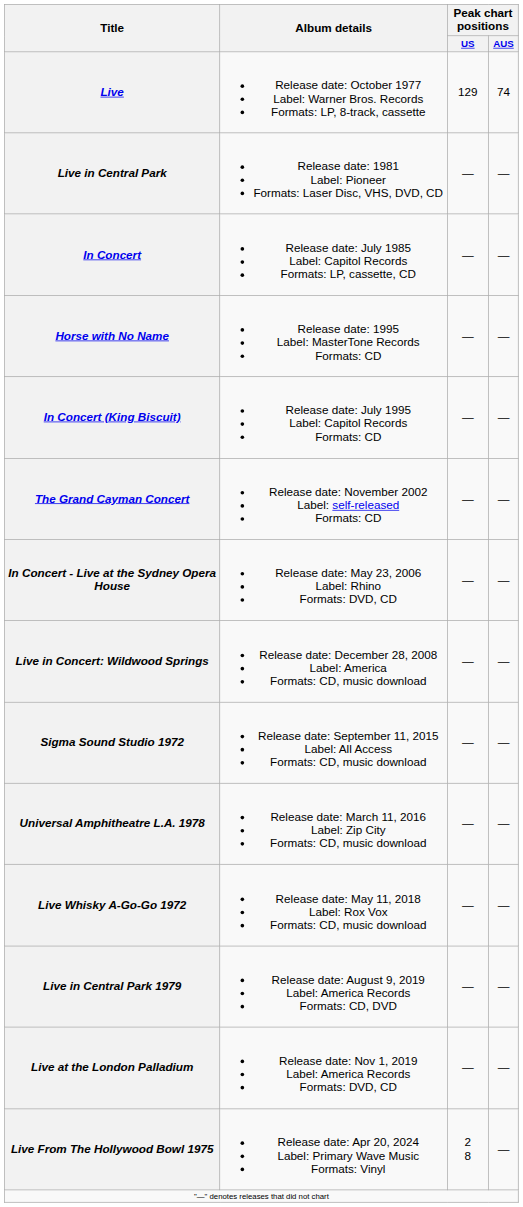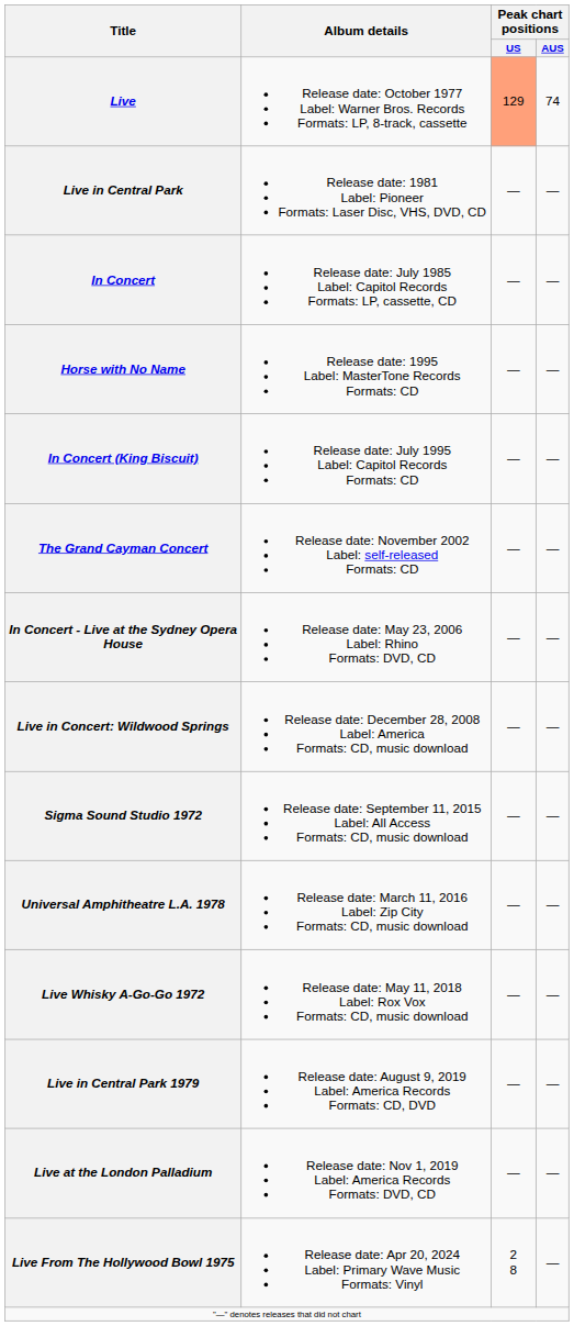 <table class="wikitable plainrowheaders" style="text-align:center;">
 <tr>
 <th rowspan="2" style="width:18em;">Title</th>
 <th rowspan="2" style="width:19em;">Album details</th>
 <th colspan="2">Peak chart positions</th>
 </tr>
 <tr style="font-size:smaller;">
 <th width="50"><a href='#'>US</a><br></th>
 <th width="35"><a href='#'>AUS</a><br></th>
 </tr>
 <tr>
 <th scope="row"><em><a href='#'>Live</a></em></th>
 <td><br><ul><li>Release date: October 1977</li><li>Label: Warner Bros. Records</li><li>Formats: LP, 8-track, cassette</li></ul></td>
-<td>129</td>
+<td style="background: lightsalmon;">129</td>
 <td>74</td>
 </tr>
 <tr>
 <th scope="row"><em>Live in Central Park</em></th>
 <td><br><ul><li>Release date: 1981</li><li>Label: Pioneer</li><li>Formats: Laser Disc, VHS, DVD, CD</li></ul></td>
 <td>—</td>
 <td>—</td>
 </tr>
 <tr>
 <th scope="row"><em><a href='#'>In Concert</a></em></th>
 <td><br><ul><li>Release date: July 1985</li><li>Label: Capitol Records</li><li>Formats: LP, cassette, CD</li></ul></td>
 <td>—</td>
 <td>—</td>
 </tr>
 <tr>
 <th scope="row"><em><a href='#'>Horse with No Name</a></em></th>
 <td><br><ul><li>Release date: 1995</li><li>Label: MasterTone Records</li><li>Formats: CD</li></ul></td>
 <td>—</td>
 <td>—</td>
 </tr>
 <tr>
 <th scope="row"><em><a href='#'>In Concert (King Biscuit)</a></em></th>
 <td><br><ul><li>Release date: July 1995</li><li>Label: Capitol Records</li><li>Formats: CD</li></ul></td>
 <td>—</td>
 <td>—</td>
 </tr>
 <tr>
 <th scope="row"><em><a href='#'>The Grand Cayman Concert</a></em></th>
 <td><br><ul><li>Release date: November 2002</li><li>Label: <a href='#'>self-released</a></li><li>Formats: CD</li></ul></td>
 <td>—</td>
 <td>—</td>
 </tr>
 <tr>
 <th scope="row"><em>In Concert - Live at the Sydney Opera House</em></th>
 <td><br><ul><li>Release date: May 23, 2006</li><li>Label: Rhino</li><li>Formats: DVD, CD</li></ul></td>
 <td>—</td>
 <td>—</td>
 </tr>
 <tr>
 <th scope="row"><em>Live in Concert: Wildwood Springs</em></th>
 <td><br><ul><li>Release date: December 28, 2008</li><li>Label: America</li><li>Formats: CD, music download</li></ul></td>
 <td>—</td>
 <td>—</td>
 </tr>
 <tr>
 <th scope="row"><em>Sigma Sound Studio 1972</em></th>
 <td><br><ul><li>Release date: September 11, 2015</li><li>Label: All Access</li><li>Formats: CD, music download</li></ul></td>
 <td>—</td>
 <td>—</td>
 </tr>
 <tr>
 <th scope="row"><em>Universal Amphitheatre L.A. 1978</em></th>
 <td><br><ul><li>Release date: March 11, 2016</li><li>Label: Zip City</li><li>Formats: CD, music download</li></ul></td>
 <td>—</td>
 <td>—</td>
 </tr>
 <tr>
 <th scope="row"><em>Live Whisky A-Go-Go 1972</em></th>
 <td><br><ul><li>Release date: May 11, 2018</li><li>Label: Rox Vox</li><li>Formats: CD, music download</li></ul></td>
 <td>—</td>
 <td>—</td>
 </tr>
 <tr>
 <th scope="row"><em>Live in Central Park 1979</em></th>
 <td><br><ul><li>Release date: August 9, 2019</li><li>Label: America Records</li><li>Formats: CD, DVD</li></ul></td>
 <td>—</td>
 <td>—</td>
 </tr>
 <tr>
 <th scope="row"><em>Live at the London Palladium</em></th>
 <td><br><ul><li>Release date: Nov 1, 2019</li><li>Label: America Records</li><li>Formats: DVD, CD</li></ul></td>
 <td>—</td>
 <td>—</td>
 </tr>
 <tr>
 <th scope="row"><em>Live From The Hollywood Bowl 1975</em></th>
 <td><br><ul><li>Release date: Apr 20, 2024</li><li>Label: Primary Wave Music</li><li>Formats: Vinyl</li></ul></td>
 <td>2<br>8</td>
 <td>—</td>
 </tr>
 <tr>
 <td colspan="10" style="font-size:8pt">"—" denotes releases that did not chart</td>
 </tr>
 </table>
